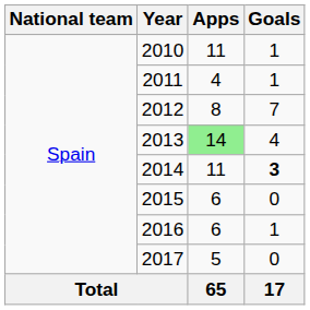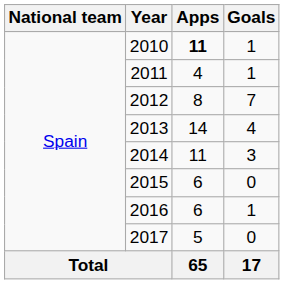 <table class="wikitable" style="text-align: center;">
 <tr>
 <th>National team</th>
 <th>Year</th>
 <th>Apps</th>
 <th>Goals</th>
 </tr>
 <tr>
 <td rowspan="8"><a href='#'>Spain</a></td>
 <td>2010</td>
-<td>11</td>
+<td><strong>11</strong></td>
 <td>1</td>
 </tr>
 <tr>
 <td>2011</td>
 <td>4</td>
 <td>1</td>
 </tr>
 <tr>
 <td>2012</td>
 <td>8</td>
 <td>7</td>
 </tr>
 <tr>
 <td>2013</td>
-<td style="background: lightgreen;">14</td>
+<td>14</td>
 <td>4</td>
 </tr>
 <tr>
 <td>2014</td>
 <td>11</td>
-<td><strong>3</strong></td>
+<td>3</td>
 </tr>
 <tr>
 <td>2015</td>
 <td>6</td>
 <td>0</td>
 </tr>
 <tr>
 <td>2016</td>
 <td>6</td>
 <td>1</td>
 </tr>
 <tr>
 <td>2017</td>
 <td>5</td>
 <td>0</td>
 </tr>
 <tr>
 <th colspan="2">Total</th>
 <th>65</th>
 <th>17</th>
 </tr>
 </table>
